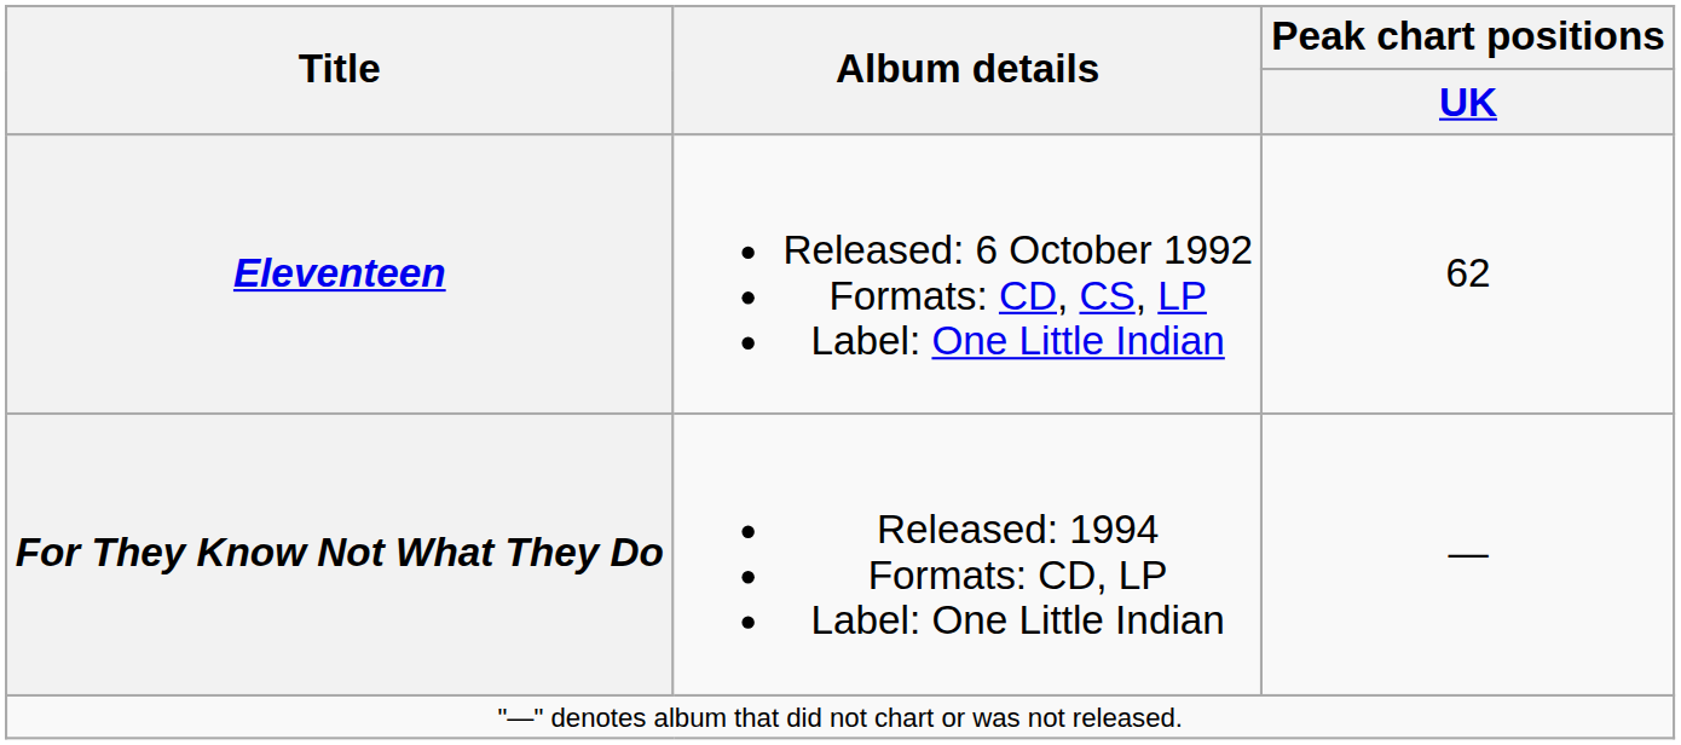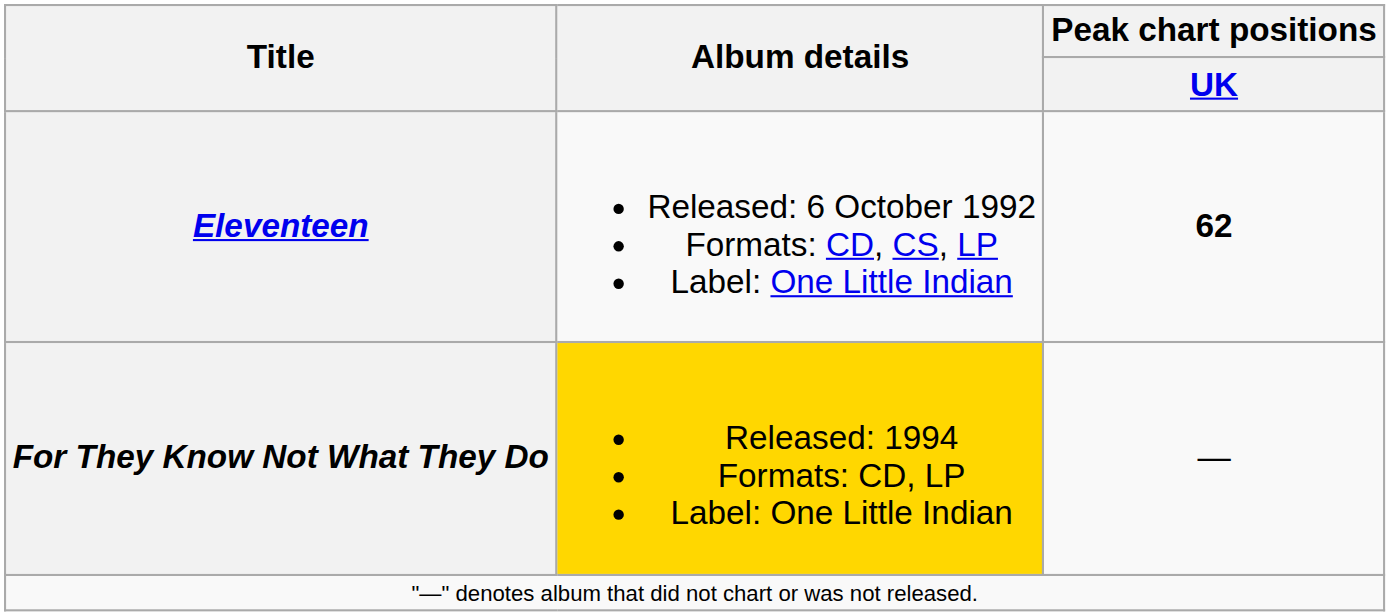 <table class="wikitable plainrowheaders" style="text-align:center;">
 <tr>
 <th scope="col" rowspan="2">Title</th>
 <th scope="col" rowspan="2">Album details</th>
 <th scope="col" colspan="1">Peak chart positions</th>
 </tr>
 <tr>
 <th scope="col"><a href='#'>UK</a><br></th>
 </tr>
 <tr>
 <th scope="row"><em><a href='#'>Eleventeen</a></em></th>
 <td><br><ul><li>Released: 6 October 1992</li><li>Formats: <a href='#'>CD</a>, <a href='#'>CS</a>, <a href='#'>LP</a></li><li>Label: <a href='#'>One Little Indian</a></li></ul></td>
-<td>62</td>
+<td><strong>62</strong></td>
 </tr>
 <tr>
 <th scope="row"><em>For They Know Not What They Do</em></th>
-<td><br><ul><li>Released: 1994</li><li>Formats: CD, LP</li><li>Label: One Little Indian</li></ul></td>
+<td style="background: gold;"><br><ul><li>Released: 1994</li><li>Formats: CD, LP</li><li>Label: One Little Indian</li></ul></td>
 <td>—</td>
 </tr>
 <tr>
 <td colspan="14" style="font-size:8pt">"—"  denotes album that did not chart or was not released.</td>
 </tr>
 </table>
